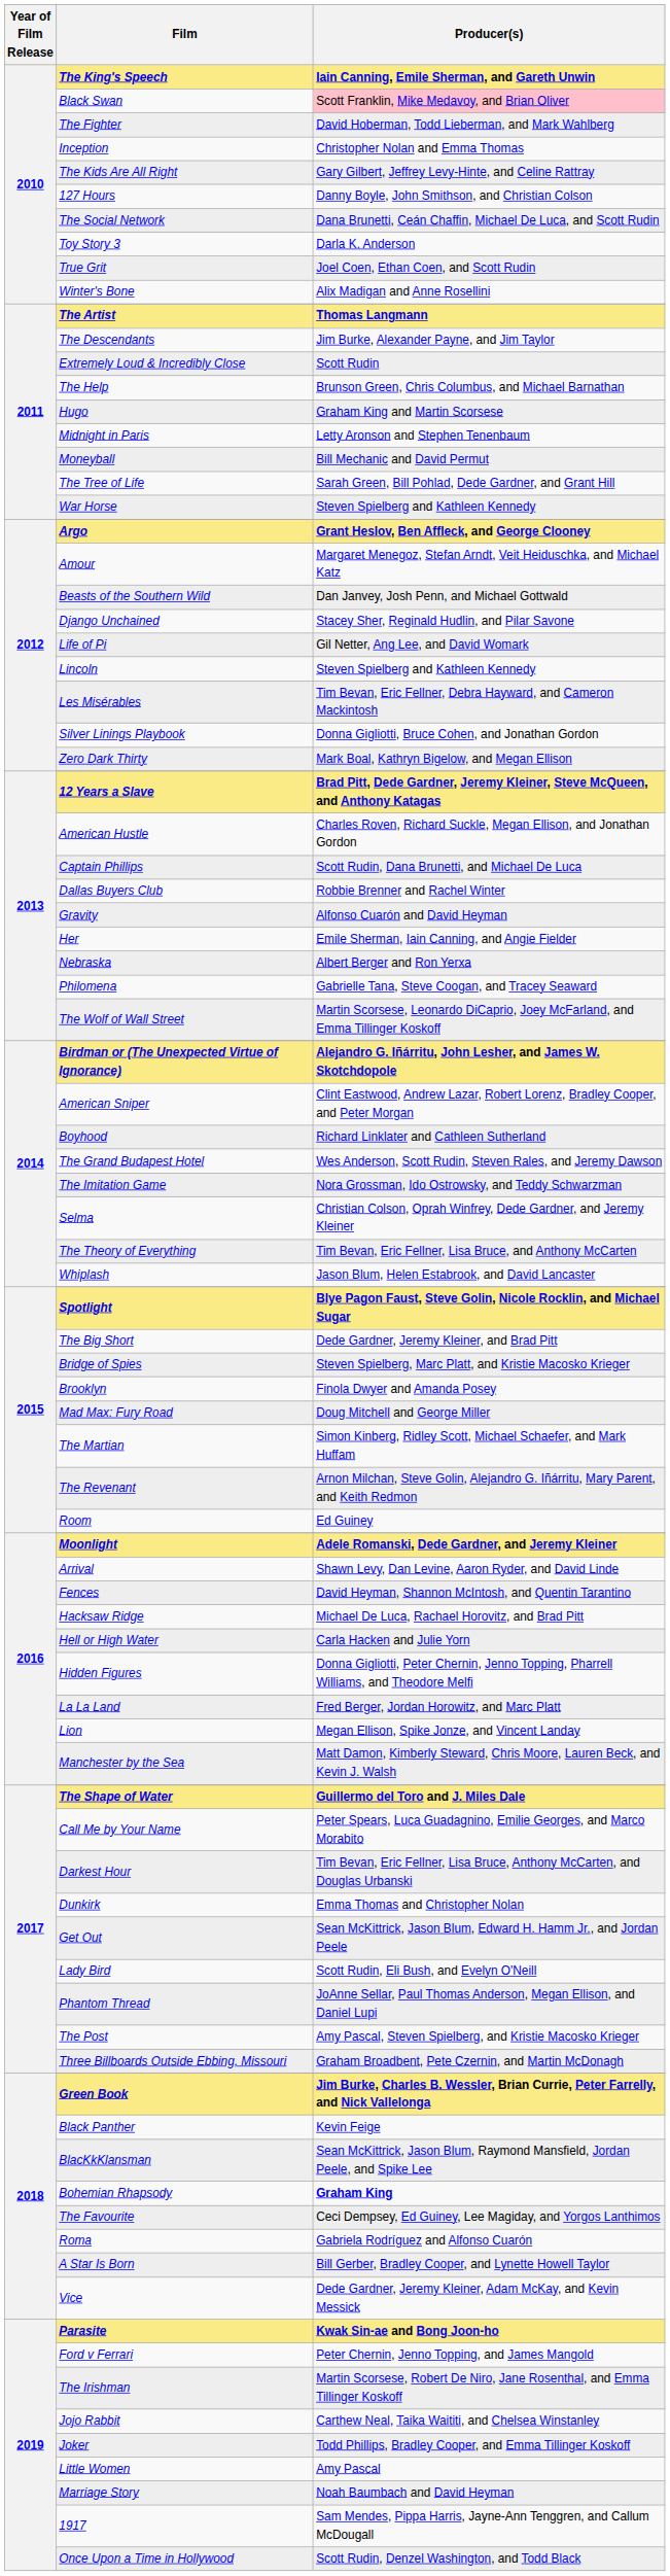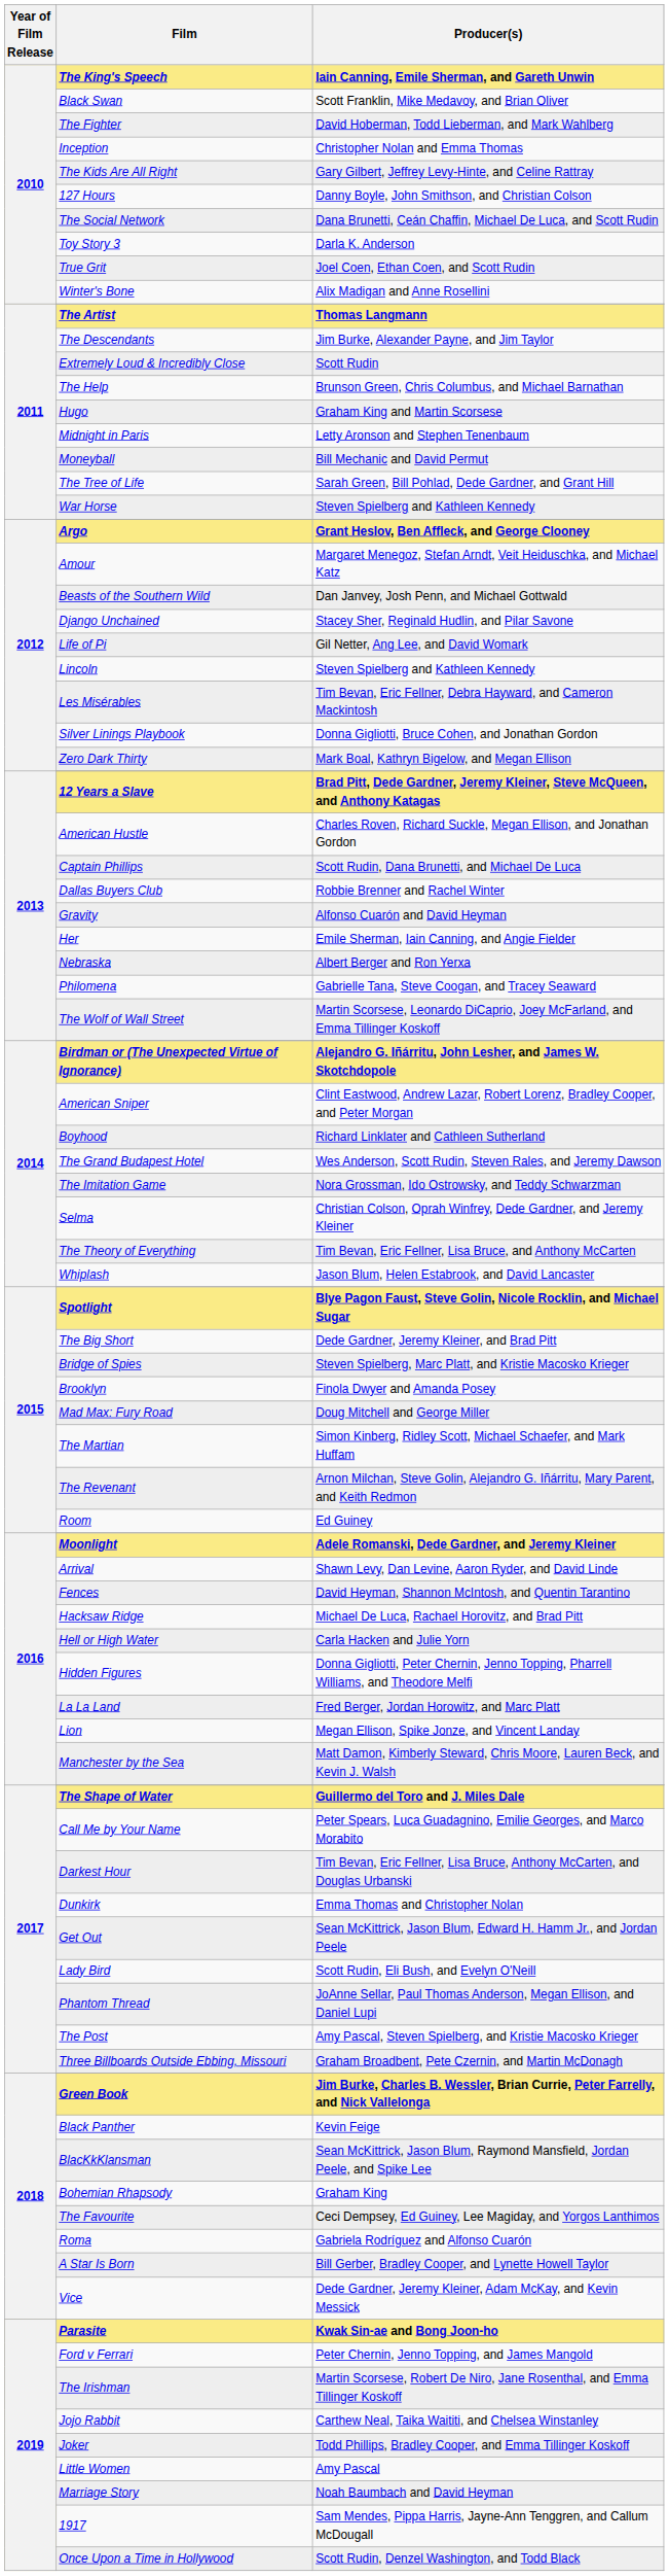 <table class="wikitable sortable sticky-header" style="font-size:1.00em; line-height:1.5em;">
 <tr bgcolor="#bebebe">
 <th width="5%">Year of Film Release</th>
 <th width="40%">Film</th>
 <th width="55%">Producer(s)</th>
 </tr>
 <tr style="background:#FAEB86">
 <th rowspan="10"><a href='#'>2010</a><br></th>
 <td><strong><em><a href='#'>The King's Speech</a></em></strong></td>
 <td><strong><a href='#'>Iain Canning</a>, <a href='#'>Emile Sherman</a>, and <a href='#'>Gareth Unwin</a></strong></td>
 </tr>
 <tr>
 <td><em><a href='#'>Black Swan</a></em></td>
-<td style="background: pink;">Scott Franklin, <a href='#'>Mike Medavoy</a>, and <a href='#'>Brian Oliver</a></td>
+<td>Scott Franklin, <a href='#'>Mike Medavoy</a>, and <a href='#'>Brian Oliver</a></td>
 </tr>
 <tr style="background:#eee;">
 <td><em><a href='#'>The Fighter</a></em></td>
 <td><a href='#'>David Hoberman</a>, <a href='#'>Todd Lieberman</a>, and <a href='#'>Mark Wahlberg</a></td>
 </tr>
 <tr>
 <td><em><a href='#'>Inception</a></em></td>
 <td><a href='#'>Christopher Nolan</a> and <a href='#'>Emma Thomas</a></td>
 </tr>
 <tr style="background:#eee;">
 <td><em><a href='#'>The Kids Are All Right</a></em></td>
 <td><a href='#'>Gary Gilbert</a>, <a href='#'>Jeffrey Levy-Hinte</a>, and <a href='#'>Celine Rattray</a></td>
 </tr>
 <tr>
 <td><em><a href='#'>127 Hours</a></em></td>
 <td><a href='#'>Danny Boyle</a>, <a href='#'>John Smithson</a>, and <a href='#'>Christian Colson</a></td>
 </tr>
 <tr style="background:#eee;">
 <td><em><a href='#'>The Social Network</a></em></td>
 <td><a href='#'>Dana Brunetti</a>, <a href='#'>Ceán Chaffin</a>, <a href='#'>Michael De Luca</a>, and <a href='#'>Scott Rudin</a></td>
 </tr>
 <tr>
 <td><em><a href='#'>Toy Story 3</a></em></td>
 <td><a href='#'>Darla K. Anderson</a></td>
 </tr>
 <tr style="background:#eee;">
 <td><em><a href='#'>True Grit</a></em></td>
 <td><a href='#'>Joel Coen</a>, <a href='#'>Ethan Coen</a>, and <a href='#'>Scott Rudin</a></td>
 </tr>
 <tr>
 <td><em><a href='#'>Winter's Bone</a></em></td>
 <td><a href='#'>Alix Madigan</a> and <a href='#'>Anne Rosellini</a></td>
 </tr>
 <tr>
 <th rowspan="10" style="text-align:center"><a href='#'>2011</a><br></th>
 </tr>
 <tr style="background:#FAEB86">
 <td><strong><em><a href='#'>The Artist</a></em></strong></td>
 <td><strong><a href='#'>Thomas Langmann</a></strong></td>
 </tr>
 <tr>
 <td><em><a href='#'>The Descendants</a></em></td>
 <td><a href='#'>Jim Burke</a>, <a href='#'>Alexander Payne</a>, and <a href='#'>Jim Taylor</a></td>
 </tr>
 <tr style="background:#eee;">
 <td><em><a href='#'>Extremely Loud & Incredibly Close</a></em></td>
 <td><a href='#'>Scott Rudin</a></td>
 </tr>
 <tr>
 <td><em><a href='#'>The Help</a></em></td>
 <td><a href='#'>Brunson Green</a>, <a href='#'>Chris Columbus</a>, and <a href='#'>Michael Barnathan</a></td>
 </tr>
 <tr style="background:#eee;">
 <td><em><a href='#'>Hugo</a></em></td>
 <td><a href='#'>Graham King</a> and <a href='#'>Martin Scorsese</a></td>
 </tr>
 <tr>
 <td><em><a href='#'>Midnight in Paris</a></em></td>
 <td><a href='#'>Letty Aronson</a> and <a href='#'>Stephen Tenenbaum</a></td>
 </tr>
 <tr style="background:#eee;">
 <td><em><a href='#'>Moneyball</a></em></td>
 <td><a href='#'>Bill Mechanic</a> and <a href='#'>David Permut</a></td>
 </tr>
 <tr>
 <td><em><a href='#'>The Tree of Life</a></em></td>
 <td><a href='#'>Sarah Green</a>, <a href='#'>Bill Pohlad</a>, <a href='#'>Dede Gardner</a>, and <a href='#'>Grant Hill</a></td>
 </tr>
 <tr style="background:#eee;">
 <td><em><a href='#'>War Horse</a></em></td>
 <td><a href='#'>Steven Spielberg</a> and <a href='#'>Kathleen Kennedy</a></td>
 </tr>
 <tr>
 <th rowspan="10" style="text-align:center"><a href='#'>2012</a><br></th>
 </tr>
 <tr style="background:#FAEB86">
 <td><strong><em><a href='#'>Argo</a></em></strong></td>
 <td><strong><a href='#'>Grant Heslov</a>, <a href='#'>Ben Affleck</a>, and <a href='#'>George Clooney</a></strong></td>
 </tr>
 <tr>
 <td><em><a href='#'>Amour</a></em></td>
 <td><a href='#'>Margaret Menegoz</a>, <a href='#'>Stefan Arndt</a>, <a href='#'>Veit Heiduschka</a>, and <a href='#'>Michael Katz</a></td>
 </tr>
 <tr style="background:#eee;">
 <td><em><a href='#'>Beasts of the Southern Wild</a></em></td>
 <td>Dan Janvey, Josh Penn, and Michael Gottwald</td>
 </tr>
 <tr>
 <td><em><a href='#'>Django Unchained</a></em></td>
 <td><a href='#'>Stacey Sher</a>, <a href='#'>Reginald Hudlin</a>, and <a href='#'>Pilar Savone</a></td>
 </tr>
 <tr style="background:#eee;">
 <td><em><a href='#'>Life of Pi</a></em></td>
 <td>Gil Netter, <a href='#'>Ang Lee</a>, and <a href='#'>David Womark</a></td>
 </tr>
 <tr>
 <td><em><a href='#'>Lincoln</a></em></td>
 <td><a href='#'>Steven Spielberg</a> and <a href='#'>Kathleen Kennedy</a></td>
 </tr>
 <tr style="background:#eee;">
 <td><em><a href='#'>Les Misérables</a></em></td>
 <td><a href='#'>Tim Bevan</a>, <a href='#'>Eric Fellner</a>, <a href='#'>Debra Hayward</a>, and <a href='#'>Cameron Mackintosh</a></td>
 </tr>
 <tr>
 <td><em><a href='#'>Silver Linings Playbook</a></em></td>
 <td><a href='#'>Donna Gigliotti</a>, <a href='#'>Bruce Cohen</a>, and Jonathan Gordon</td>
 </tr>
 <tr style="background:#eee;">
 <td><em><a href='#'>Zero Dark Thirty</a></em></td>
 <td><a href='#'>Mark Boal</a>, <a href='#'>Kathryn Bigelow</a>, and <a href='#'>Megan Ellison</a></td>
 </tr>
 <tr>
 <th rowspan="10" style="text-align:center"><a href='#'>2013</a><br></th>
 </tr>
 <tr style="background:#FAEB86">
 <td><strong><em><a href='#'>12 Years a Slave</a></em></strong></td>
 <td><strong><a href='#'>Brad Pitt</a>, <a href='#'>Dede Gardner</a>, <a href='#'>Jeremy Kleiner</a>, <a href='#'>Steve McQueen</a>, and <a href='#'>Anthony Katagas</a></strong></td>
 </tr>
 <tr>
 <td><em><a href='#'>American Hustle</a></em></td>
 <td><a href='#'>Charles Roven</a>, <a href='#'>Richard Suckle</a>, <a href='#'>Megan Ellison</a>, and Jonathan Gordon</td>
 </tr>
 <tr style="background:#eee;">
 <td><em><a href='#'>Captain Phillips</a></em></td>
 <td><a href='#'>Scott Rudin</a>, <a href='#'>Dana Brunetti</a>, and <a href='#'>Michael De Luca</a></td>
 </tr>
 <tr>
 <td><em><a href='#'>Dallas Buyers Club</a></em></td>
 <td><a href='#'>Robbie Brenner</a> and <a href='#'>Rachel Winter</a></td>
 </tr>
 <tr style="background:#eee;">
 <td><em><a href='#'>Gravity</a></em></td>
 <td><a href='#'>Alfonso Cuarón</a> and <a href='#'>David Heyman</a></td>
 </tr>
 <tr>
 <td><em><a href='#'>Her</a></em></td>
 <td><a href='#'>Emile Sherman</a>, <a href='#'>Iain Canning</a>, and <a href='#'>Angie Fielder</a></td>
 </tr>
 <tr style="background:#eee;">
 <td><em><a href='#'>Nebraska</a></em></td>
 <td><a href='#'>Albert Berger</a> and <a href='#'>Ron Yerxa</a></td>
 </tr>
 <tr>
 <td><em><a href='#'>Philomena</a></em></td>
 <td><a href='#'>Gabrielle Tana</a>, <a href='#'>Steve Coogan</a>, and <a href='#'>Tracey Seaward</a></td>
 </tr>
 <tr style="background:#eee;">
 <td><em><a href='#'>The Wolf of Wall Street</a></em></td>
 <td><a href='#'>Martin Scorsese</a>, <a href='#'>Leonardo DiCaprio</a>, <a href='#'>Joey McFarland</a>, and <a href='#'>Emma Tillinger Koskoff</a></td>
 </tr>
 <tr>
 <th rowspan="9" style="text-align:center"><a href='#'>2014</a><br></th>
 </tr>
 <tr style="background:#FAEB86">
 <td><strong><em><a href='#'>Birdman or (The Unexpected Virtue of Ignorance)</a></em></strong></td>
 <td><strong><a href='#'>Alejandro G. Iñárritu</a>, <a href='#'>John Lesher</a>, and <a href='#'>James W. Skotchdopole</a></strong></td>
 </tr>
 <tr>
 <td><em><a href='#'>American Sniper</a></em></td>
 <td><a href='#'>Clint Eastwood</a>, <a href='#'>Andrew Lazar</a>, <a href='#'>Robert Lorenz</a>, <a href='#'>Bradley Cooper</a>, and <a href='#'>Peter Morgan</a></td>
 </tr>
 <tr style="background:#eee;">
 <td><em><a href='#'>Boyhood</a></em></td>
 <td><a href='#'>Richard Linklater</a> and <a href='#'>Cathleen Sutherland</a></td>
 </tr>
 <tr>
 <td><em><a href='#'>The Grand Budapest Hotel</a></em></td>
 <td><a href='#'>Wes Anderson</a>, <a href='#'>Scott Rudin</a>, <a href='#'>Steven Rales</a>, and <a href='#'>Jeremy Dawson</a></td>
 </tr>
 <tr style="background:#eee;">
 <td><em><a href='#'>The Imitation Game</a></em></td>
 <td><a href='#'>Nora Grossman</a>, <a href='#'>Ido Ostrowsky</a>, and <a href='#'>Teddy Schwarzman</a></td>
 </tr>
 <tr>
 <td><em><a href='#'>Selma</a></em></td>
 <td><a href='#'>Christian Colson</a>, <a href='#'>Oprah Winfrey</a>, <a href='#'>Dede Gardner</a>, and <a href='#'>Jeremy Kleiner</a></td>
 </tr>
 <tr style="background:#eee;">
 <td><em><a href='#'>The Theory of Everything</a></em></td>
 <td><a href='#'>Tim Bevan</a>, <a href='#'>Eric Fellner</a>, <a href='#'>Lisa Bruce</a>, and <a href='#'>Anthony McCarten</a></td>
 </tr>
 <tr>
 <td><em><a href='#'>Whiplash</a></em></td>
 <td><a href='#'>Jason Blum</a>, <a href='#'>Helen Estabrook</a>, and <a href='#'>David Lancaster</a></td>
 </tr>
 <tr>
 <th rowspan="9" style="text-align:center"><a href='#'>2015</a><br></th>
 </tr>
 <tr style="background:#FAEB86">
 <td><strong><em><a href='#'>Spotlight</a></em></strong></td>
 <td><strong><a href='#'>Blye Pagon Faust</a>, <a href='#'>Steve Golin</a>, <a href='#'>Nicole Rocklin</a>, and <a href='#'>Michael Sugar</a></strong></td>
 </tr>
 <tr>
 <td><em><a href='#'>The Big Short</a></em></td>
 <td><a href='#'>Dede Gardner</a>, <a href='#'>Jeremy Kleiner</a>, and <a href='#'>Brad Pitt</a></td>
 </tr>
 <tr style="background:#eee;">
 <td><em><a href='#'>Bridge of Spies</a></em></td>
 <td><a href='#'>Steven Spielberg</a>, <a href='#'>Marc Platt</a>, and <a href='#'>Kristie Macosko Krieger</a></td>
 </tr>
 <tr>
 <td><em><a href='#'>Brooklyn</a></em></td>
 <td><a href='#'>Finola Dwyer</a> and <a href='#'>Amanda Posey</a></td>
 </tr>
 <tr style="background:#eee;">
 <td><em><a href='#'>Mad Max: Fury Road</a></em></td>
 <td><a href='#'>Doug Mitchell</a> and <a href='#'>George Miller</a></td>
 </tr>
 <tr>
 <td><em><a href='#'>The Martian</a></em></td>
 <td><a href='#'>Simon Kinberg</a>, <a href='#'>Ridley Scott</a>, <a href='#'>Michael Schaefer</a>, and <a href='#'>Mark Huffam</a></td>
 </tr>
 <tr style="background:#eee;">
 <td><em><a href='#'>The Revenant</a></em></td>
 <td><a href='#'>Arnon Milchan</a>, <a href='#'>Steve Golin</a>, <a href='#'>Alejandro G. Iñárritu</a>, <a href='#'>Mary Parent</a>, and <a href='#'>Keith Redmon</a></td>
 </tr>
 <tr>
 <td><em><a href='#'>Room</a></em></td>
 <td><a href='#'>Ed Guiney</a></td>
 </tr>
 <tr>
 <th rowspan="10" style="text-align:center"><a href='#'>2016</a><br></th>
 </tr>
 <tr style="background:#FAEB86">
 <td><strong><em><a href='#'>Moonlight</a></em></strong></td>
 <td><strong><a href='#'>Adele Romanski</a>, <a href='#'>Dede Gardner</a>, and <a href='#'>Jeremy Kleiner</a></strong></td>
 </tr>
 <tr>
 <td><em><a href='#'>Arrival</a></em></td>
 <td><a href='#'>Shawn Levy</a>, <a href='#'>Dan Levine</a>, <a href='#'>Aaron Ryder</a>, and <a href='#'>David Linde</a></td>
 </tr>
 <tr style="background:#eee;">
 <td><em><a href='#'>Fences</a></em></td>
 <td><a href='#'>David Heyman</a>, <a href='#'>Shannon McIntosh</a>, and <a href='#'>Quentin Tarantino</a></td>
 </tr>
 <tr>
 <td><em><a href='#'>Hacksaw Ridge</a></em></td>
 <td><a href='#'>Michael De Luca</a>, <a href='#'>Rachael Horovitz</a>, and <a href='#'>Brad Pitt</a></td>
 </tr>
 <tr style="background:#eee;">
 <td><em><a href='#'>Hell or High Water</a></em></td>
 <td><a href='#'>Carla Hacken</a> and <a href='#'>Julie Yorn</a></td>
 </tr>
 <tr>
 <td><em><a href='#'>Hidden Figures</a></em></td>
 <td><a href='#'>Donna Gigliotti</a>, <a href='#'>Peter Chernin</a>, <a href='#'>Jenno Topping</a>, <a href='#'>Pharrell Williams</a>, and <a href='#'>Theodore Melfi</a></td>
 </tr>
 <tr style="background:#eee;">
 <td><em><a href='#'>La La Land</a></em></td>
 <td><a href='#'>Fred Berger</a>, <a href='#'>Jordan Horowitz</a>, and <a href='#'>Marc Platt</a></td>
 </tr>
 <tr>
 <td><em><a href='#'>Lion</a></em></td>
 <td><a href='#'>Megan Ellison</a>, <a href='#'>Spike Jonze</a>, and <a href='#'>Vincent Landay</a></td>
 </tr>
 <tr style="background:#eee;">
 <td><em><a href='#'>Manchester by the Sea</a></em></td>
 <td><a href='#'>Matt Damon</a>, <a href='#'>Kimberly Steward</a>, <a href='#'>Chris Moore</a>, <a href='#'>Lauren Beck</a>, and <a href='#'>Kevin J. Walsh</a></td>
 </tr>
 <tr>
 <th rowspan="10" style="text-align:center"><a href='#'>2017</a><br></th>
 </tr>
 <tr style="background:#FAEB86">
 <td><strong><em><a href='#'>The Shape of Water</a></em></strong></td>
 <td><strong><a href='#'>Guillermo del Toro</a> and <a href='#'>J. Miles Dale</a></strong></td>
 </tr>
 <tr>
 <td><em><a href='#'>Call Me by Your Name</a></em></td>
 <td><a href='#'>Peter Spears</a>, <a href='#'>Luca Guadagnino</a>, <a href='#'>Emilie Georges</a>, and <a href='#'>Marco Morabito</a></td>
 </tr>
 <tr style="background:#eee;">
 <td><em><a href='#'>Darkest Hour</a></em></td>
 <td><a href='#'>Tim Bevan</a>, <a href='#'>Eric Fellner</a>, <a href='#'>Lisa Bruce</a>, <a href='#'>Anthony McCarten</a>, and <a href='#'>Douglas Urbanski</a></td>
 </tr>
 <tr>
 <td><em><a href='#'>Dunkirk</a></em></td>
 <td><a href='#'>Emma Thomas</a> and <a href='#'>Christopher Nolan</a></td>
 </tr>
 <tr style="background:#eee;">
 <td><em><a href='#'>Get Out</a></em></td>
 <td><a href='#'>Sean McKittrick</a>, <a href='#'>Jason Blum</a>, <a href='#'>Edward H. Hamm Jr.</a>, and <a href='#'>Jordan Peele</a></td>
 </tr>
 <tr>
 <td><em><a href='#'>Lady Bird</a></em></td>
 <td><a href='#'>Scott Rudin</a>, <a href='#'>Eli Bush</a>, and <a href='#'>Evelyn O'Neill</a></td>
 </tr>
 <tr style="background:#eee;">
 <td><em><a href='#'>Phantom Thread</a></em></td>
 <td><a href='#'>JoAnne Sellar</a>, <a href='#'>Paul Thomas Anderson</a>, <a href='#'>Megan Ellison</a>, and <a href='#'>Daniel Lupi</a></td>
 </tr>
 <tr>
 <td><em><a href='#'>The Post</a></em></td>
 <td><a href='#'>Amy Pascal</a>, <a href='#'>Steven Spielberg</a>, and <a href='#'>Kristie Macosko Krieger</a></td>
 </tr>
 <tr style="background:#eee;">
 <td><em><a href='#'>Three Billboards Outside Ebbing, Missouri</a></em></td>
 <td><a href='#'>Graham Broadbent</a>, <a href='#'>Pete Czernin</a>, and <a href='#'>Martin McDonagh</a></td>
 </tr>
 <tr>
 <th rowspan="9" style="text-align:center"><a href='#'>2018</a><br></th>
 </tr>
 <tr style="background:#FAEB86">
 <td><strong><em><a href='#'>Green Book</a></em></strong></td>
 <td><strong><a href='#'>Jim Burke</a>, <a href='#'>Charles B. Wessler</a>, Brian Currie, <a href='#'>Peter Farrelly</a>, and <a href='#'>Nick Vallelonga</a></strong></td>
 </tr>
 <tr>
 <td><em><a href='#'>Black Panther</a></em></td>
 <td><a href='#'>Kevin Feige</a></td>
 </tr>
 <tr style="background:#eee;">
 <td><em><a href='#'>BlacKkKlansman</a></em></td>
 <td><a href='#'>Sean McKittrick</a>, <a href='#'>Jason Blum</a>, Raymond Mansfield, <a href='#'>Jordan Peele</a>, and <a href='#'>Spike Lee</a></td>
 </tr>
 <tr>
 <td><em><a href='#'>Bohemian Rhapsody</a></em></td>
-<td><strong><a href='#'>Graham King</a></strong></td>
+<td><a href='#'>Graham King</a></td>
 </tr>
 <tr style="background:#eee;">
 <td><em><a href='#'>The Favourite</a></em></td>
 <td>Ceci Dempsey, <a href='#'>Ed Guiney</a>, Lee Magiday, and <a href='#'>Yorgos Lanthimos</a></td>
 </tr>
 <tr>
 <td><em><a href='#'>Roma</a></em></td>
 <td><a href='#'>Gabriela Rodríguez</a> and <a href='#'>Alfonso Cuarón</a></td>
 </tr>
 <tr style="background:#eee;">
 <td><em><a href='#'>A Star Is Born</a></em></td>
 <td><a href='#'>Bill Gerber</a>, <a href='#'>Bradley Cooper</a>, and <a href='#'>Lynette Howell Taylor</a></td>
 </tr>
 <tr>
 <td><em><a href='#'>Vice</a></em></td>
 <td><a href='#'>Dede Gardner</a>, <a href='#'>Jeremy Kleiner</a>, <a href='#'>Adam McKay</a>, and <a href='#'>Kevin Messick</a></td>
 </tr>
 <tr style="background:#FAEB86">
 <th rowspan="9"><a href='#'>2019</a><br></th>
 <td><strong><em><a href='#'>Parasite</a></em></strong></td>
 <td><strong><a href='#'>Kwak Sin-ae</a> and <a href='#'>Bong Joon-ho</a></strong></td>
 </tr>
 <tr>
 <td><em><a href='#'>Ford v Ferrari</a></em></td>
 <td><a href='#'>Peter Chernin</a>, <a href='#'>Jenno Topping</a>, and <a href='#'>James Mangold</a></td>
 </tr>
 <tr style="background:#eee;">
 <td><em><a href='#'>The Irishman</a></em></td>
 <td><a href='#'>Martin Scorsese</a>, <a href='#'>Robert De Niro</a>, <a href='#'>Jane Rosenthal</a>, and <a href='#'>Emma Tillinger Koskoff</a></td>
 </tr>
 <tr>
 <td><em><a href='#'>Jojo Rabbit</a></em></td>
 <td><a href='#'>Carthew Neal</a>, <a href='#'>Taika Waititi</a>, and <a href='#'>Chelsea Winstanley</a></td>
 </tr>
 <tr style="background:#eee;">
 <td><em><a href='#'>Joker</a></em></td>
 <td><a href='#'>Todd Phillips</a>, <a href='#'>Bradley Cooper</a>, and <a href='#'>Emma Tillinger Koskoff</a></td>
 </tr>
 <tr>
 <td><em><a href='#'>Little Women</a></em></td>
 <td><a href='#'>Amy Pascal</a></td>
 </tr>
 <tr style="background:#eee;">
 <td><em><a href='#'>Marriage Story</a></em></td>
 <td><a href='#'>Noah Baumbach</a> and <a href='#'>David Heyman</a></td>
 </tr>
 <tr>
 <td><em><a href='#'>1917</a></em></td>
 <td><a href='#'>Sam Mendes</a>, <a href='#'>Pippa Harris</a>, Jayne-Ann Tenggren, and Callum McDougall</td>
 </tr>
 <tr style="background:#eee;">
 <td><em><a href='#'>Once Upon a Time in Hollywood</a></em></td>
 <td><a href='#'>Scott Rudin</a>, <a href='#'>Denzel Washington</a>, and <a href='#'>Todd Black</a></td>
 </tr>
 </table>
